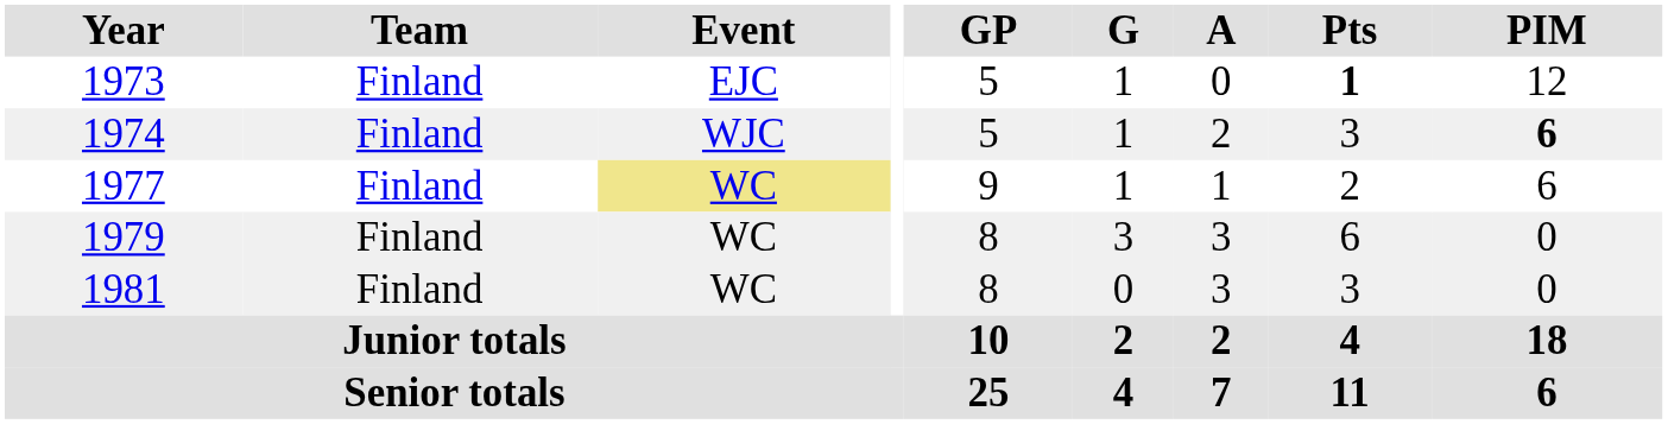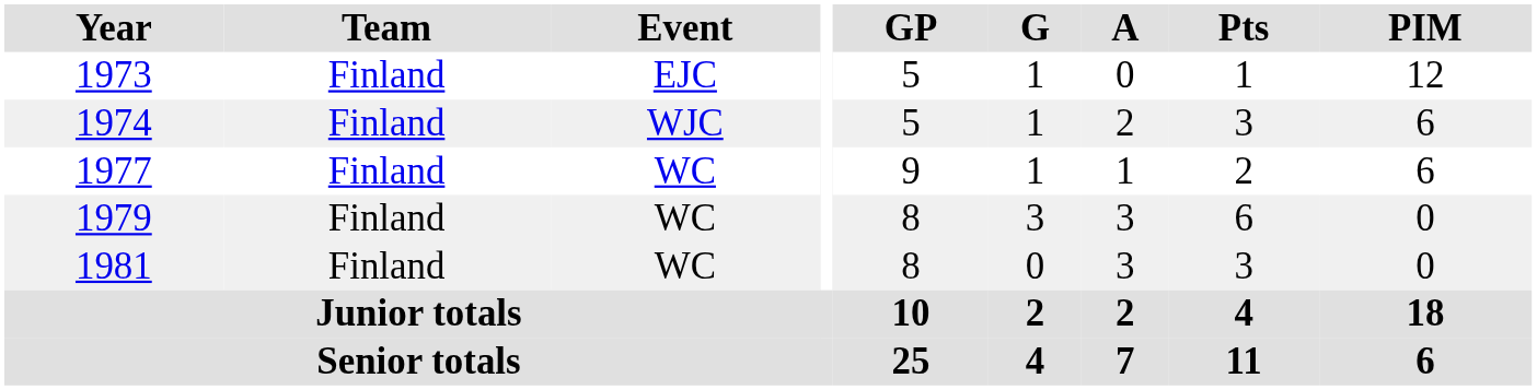 <table border="0" cellpadding="1" cellspacing="0" ID="Table3" style="text-align:center; width:40em">
 <tr bgcolor="#e0e0e0">
 <th>Year</th>
 <th>Team</th>
 <th>Event</th>
 <th rowspan="102" bgcolor="#ffffff"></th>
 <th>GP</th>
 <th>G</th>
 <th>A</th>
 <th>Pts</th>
 <th>PIM</th>
 </tr>
 <tr>
 <td><a href='#'>1973</a></td>
 <td><a href='#'>Finland</a></td>
 <td><a href='#'>EJC</a></td>
 <td>5</td>
 <td>1</td>
 <td>0</td>
-<td><strong>1</strong></td>
+<td>1</td>
 <td>12</td>
 </tr>
 <tr bgcolor="#f0f0f0">
 <td><a href='#'>1974</a></td>
 <td><a href='#'>Finland</a></td>
 <td><a href='#'>WJC</a></td>
 <td>5</td>
 <td>1</td>
 <td>2</td>
 <td>3</td>
-<td><strong>6</strong></td>
+<td>6</td>
 </tr>
 <tr>
 <td><a href='#'>1977</a></td>
 <td><a href='#'>Finland</a></td>
-<td style="background: khaki;"><a href='#'>WC</a></td>
+<td><a href='#'>WC</a></td>
 <td>9</td>
 <td>1</td>
 <td>1</td>
 <td>2</td>
 <td>6</td>
 </tr>
 <tr bgcolor="#f0f0f0">
 <td><a href='#'>1979</a></td>
 <td>Finland</td>
 <td>WC</td>
 <td>8</td>
 <td>3</td>
 <td>3</td>
 <td>6</td>
 <td>0</td>
 </tr>
 <tr bgcolor="#f0f0f0">
 <td><a href='#'>1981</a></td>
 <td>Finland</td>
 <td>WC</td>
 <td>8</td>
 <td>0</td>
 <td>3</td>
 <td>3</td>
 <td>0</td>
 </tr>
 <tr bgcolor="#e0e0e0">
 <th colspan="4">Junior totals</th>
 <th>10</th>
 <th>2</th>
 <th>2</th>
 <th>4</th>
 <th>18</th>
 </tr>
 <tr bgcolor="#e0e0e0">
 <th colspan="4">Senior totals</th>
 <th>25</th>
 <th>4</th>
 <th>7</th>
 <th>11</th>
 <th>6</th>
 </tr>
 </table>
